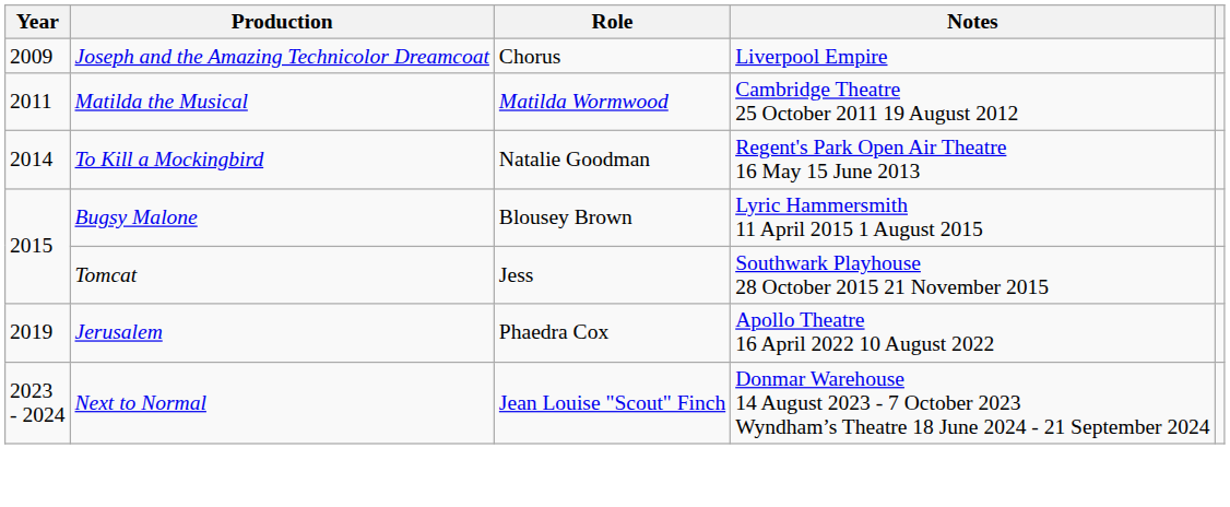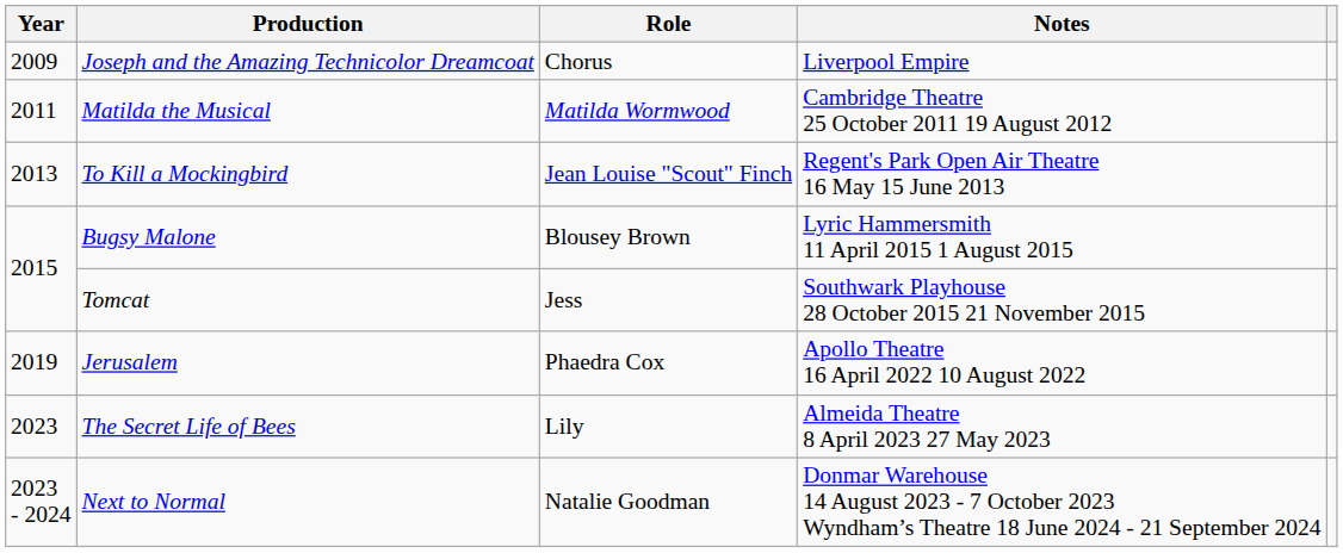 <table class="wikitable">
 <tr>
 <th>Year</th>
 <th>Production</th>
 <th>Role</th>
 <th>Notes</th>
 <th></th>
 </tr>
 <tr>
 <td>2009</td>
 <td><em><a href='#'>Joseph and the Amazing Technicolor Dreamcoat</a></em></td>
 <td>Chorus</td>
 <td><a href='#'>Liverpool Empire</a></td>
 <td></td>
 </tr>
 <tr>
 <td>2011</td>
 <td><em><a href='#'>Matilda the Musical</a></em></td>
 <td><em><a href='#'>Matilda Wormwood</a></em></td>
 <td><a href='#'>Cambridge Theatre</a> <br>25 October 2011  19 August 2012</td>
 <td></td>
 </tr>
 <tr>
-<td>2014</td>
+<td>2013</td>
 <td><em><a href='#'>To Kill a Mockingbird</a></em></td>
-<td>Natalie Goodman</td>
+<td><a href='#'>Jean Louise "Scout" Finch</a></td>
 <td><a href='#'>Regent's Park Open Air Theatre</a><br>16 May  15 June 2013</td>
 <td></td>
 </tr>
 <tr>
 <td rowspan=2>2015</td>
 <td><em><a href='#'>Bugsy Malone</a></em></td>
 <td>Blousey Brown</td>
 <td><a href='#'>Lyric Hammersmith</a><br>11 April 2015  1 August 2015</td>
 <td></td>
 </tr>
 <tr>
 <td><em>Tomcat</em></td>
 <td>Jess</td>
 <td><a href='#'>Southwark Playhouse</a><br>28 October 2015  21 November 2015</td>
 <td></td>
 </tr>
 <tr>
 <td>2019</td>
 <td><em><a href='#'>Jerusalem</a></em></td>
 <td>Phaedra Cox</td>
 <td><a href='#'>Apollo Theatre</a><br>16 April 2022  10 August 2022</td>
 <td></td>
 </tr>
 <tr>
+<td>2023</td>
+<td><em><a href='#'>The Secret Life of Bees</a></em></td>
+<td>Lily</td>
+<td><a href='#'>Almeida Theatre</a><br>8 April 2023  27 May 2023</td>
+<td></td>
+</tr>
+<tr>
 <td>2023<br>- 2024</td>
 <td><em><a href='#'>Next to Normal</a></em></td>
-<td><a href='#'>Jean Louise "Scout" Finch</a></td>
+<td>Natalie Goodman</td>
 <td><a href='#'>Donmar Warehouse</a><br>14 August 2023 - 7 October 2023<br>Wyndham’s Theatre 18 June 2024 - 21 September 2024</td>
 <td></td>
 </tr>
 </table>
